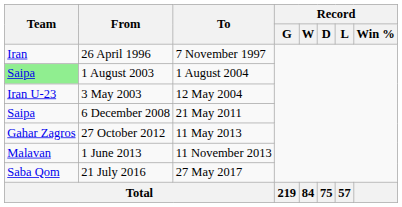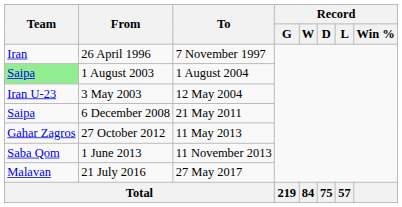 <table class="wikitable" style="text-align: center">
 <tr>
 <th rowspan="2">Team</th>
 <th rowspan="2">From</th>
 <th rowspan="2">To</th>
 <th colspan="5">Record</th>
 </tr>
 <tr>
 <th>G</th>
 <th>W</th>
 <th>D</th>
 <th>L</th>
 <th>Win %</th>
 </tr>
 <tr>
 <td align=left><a href='#'>Iran</a></td>
 <td align=left>26 April 1996</td>
 <td align=left>7 November 1997<br></td>
 </tr>
 <tr>
 <td align=left style="background: lightgreen;"><a href='#'>Saipa</a></td>
 <td align=left>1 August 2003</td>
 <td align=left>1 August 2004<br></td>
 </tr>
 <tr>
 <td align=left><a href='#'>Iran U-23</a></td>
 <td align=left>3 May 2003</td>
 <td align=left>12 May 2004<br></td>
 </tr>
 <tr>
 <td align=left><a href='#'>Saipa</a></td>
 <td align=left>6 December 2008</td>
 <td align=left>21 May 2011<br></td>
 </tr>
 <tr>
 <td align=left><a href='#'>Gahar Zagros</a></td>
 <td align=left>27 October 2012</td>
 <td align=left>11 May 2013<br></td>
 </tr>
 <tr>
-<td align=left><a href='#'>Malavan</a></td>
+<td align=left><a href='#'>Saba Qom</a></td>
 <td align=left>1 June 2013</td>
 <td align=left>11 November 2013<br></td>
 </tr>
 <tr>
-<td align=left><a href='#'>Saba Qom</a></td>
+<td align=left><a href='#'>Malavan</a></td>
 <td align=left>21 July 2016</td>
 <td align=left>27 May 2017<br></td>
 </tr>
 <tr>
 <th colspan="3">Total</th>
 <th>219</th>
 <th>84</th>
 <th>75</th>
 <th>57</th>
 <th></th>
 </tr>
 </table>
